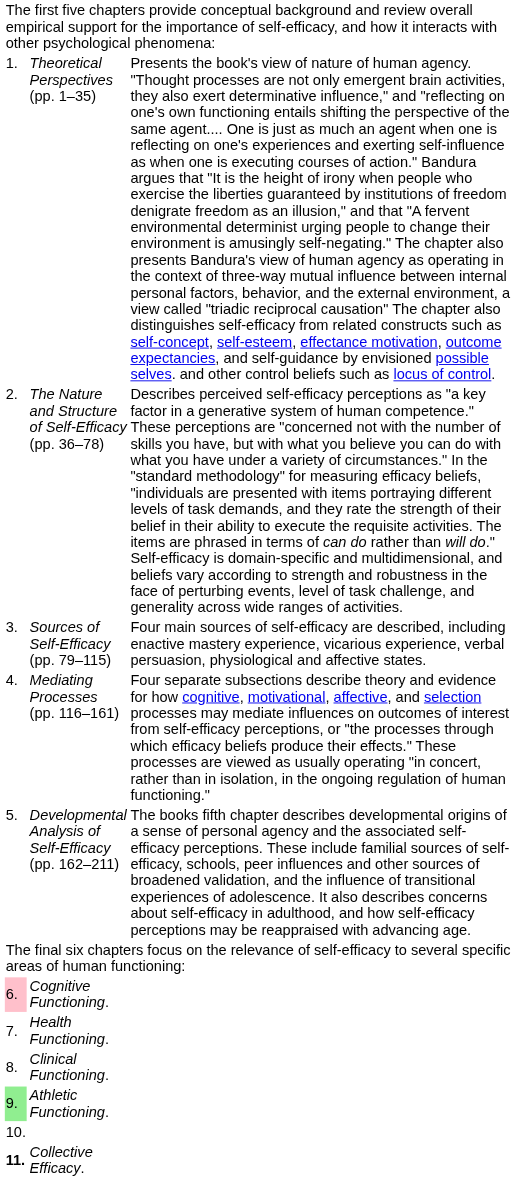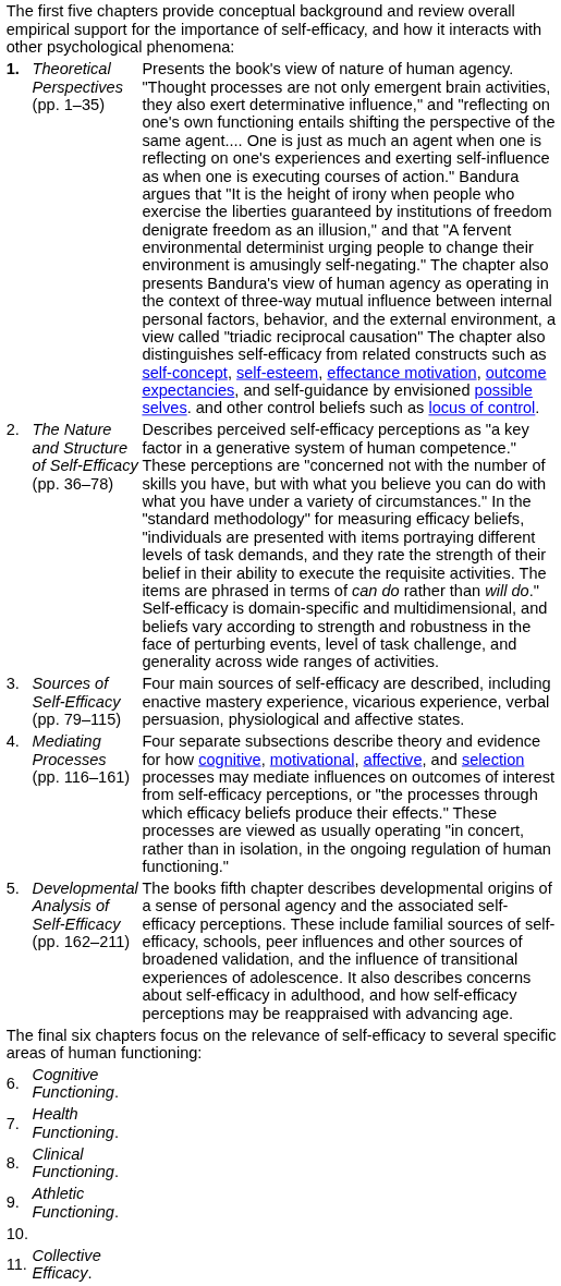 <table cellspacing=2 >
 <tr>
 <td colspan=3>The first five chapters provide conceptual background and review overall empirical support for the importance of self-efficacy, and how it interacts with other psychological phenomena:</td>
 </tr>
 <tr valign="top">
-<td width="15">1.</td>
+<td width="15"><strong>1.</strong></td>
 <td width="60"><em>Theoretical Perspectives</em><br>(pp. 1–35)</td>
 <td width="420">Presents the book's view of nature of human agency. "Thought processes are not only emergent brain activities, they also exert determinative influence," and "reflecting on one's own functioning entails shifting the perspective of the same agent.... One is just as much an agent when one is reflecting on one's experiences and exerting self-influence as when one is executing courses of action." Bandura argues that "It is the height of irony when people who exercise the liberties guaranteed by institutions of freedom denigrate freedom as an illusion," and that "A fervent environmental determinist urging people to change their environment is amusingly self-negating." The chapter also presents Bandura's view of human agency as operating in the context of three-way mutual influence between internal personal factors, behavior, and the external environment, a view called "triadic reciprocal causation" The chapter also distinguishes self-efficacy from related constructs such as <a href='#'>self-concept</a>, <a href='#'>self-esteem</a>, <a href='#'>effectance motivation</a>, <a href='#'>outcome expectancies</a>, and self-guidance by envisioned <a href='#'>possible selves</a>. and other control beliefs such as <a href='#'>locus of control</a>.</td>
 </tr>
 <tr valign="top">
 <td>2.</td>
 <td><em>The Nature and Structure of Self-Efficacy</em><br>(pp. 36–78)</td>
 <td>Describes perceived self-efficacy perceptions as "a key factor in a generative system of human competence." These perceptions are "concerned not with the number of skills you have, but with what you believe you can do with what you have under a variety of circumstances." In the "standard methodology" for measuring efficacy beliefs, "individuals are presented with items portraying different levels of task demands, and they rate the strength of their belief in their ability to execute the requisite activities. The items are phrased in terms of <em>can do</em> rather than <em>will do</em>." Self-efficacy is domain-specific and multidimensional, and beliefs vary according to strength and robustness in the face of perturbing events, level of task challenge, and generality across wide ranges of activities.</td>
 </tr>
 <tr valign="top">
 <td>3.</td>
 <td><em>Sources of Self-Efficacy</em><br>(pp. 79–115)</td>
 <td>Four main sources of self-efficacy are described, including enactive mastery experience, vicarious experience, verbal persuasion, physiological and affective states.</td>
 </tr>
 <tr valign="top">
 <td>4.</td>
 <td><em>Mediating Processes</em><br>(pp. 116–161)</td>
 <td>Four separate subsections describe theory and evidence for how <a href='#'>cognitive</a>, <a href='#'>motivational</a>, <a href='#'>affective</a>, and <a href='#'>selection</a> processes may mediate influences on outcomes of interest from self-efficacy perceptions, or "the processes through which efficacy beliefs produce their effects." These processes are viewed as usually operating "in concert, rather than in isolation, in the ongoing regulation of human functioning."</td>
 </tr>
 <tr valign="top">
 <td>5.</td>
 <td><em>Developmental Analysis of Self-Efficacy</em><br>(pp. 162–211)</td>
 <td>The books fifth chapter describes developmental origins of a sense of personal agency and the associated self-efficacy perceptions. These include familial sources of self-efficacy, schools, peer influences and other sources of broadened validation, and the influence of transitional experiences of adolescence. It also describes concerns about self-efficacy in adulthood, and how self-efficacy perceptions may be reappraised with advancing age.</td>
 </tr>
 <tr>
 <td colspan=3>The final six chapters focus on the relevance of self-efficacy to several specific areas of human functioning:</td>
 </tr>
 <tr>
-<td style="background: pink;">6.</td>
+<td>6.</td>
 <td><em>Cognitive Functioning</em>.</td>
 </tr>
 <tr>
 <td>7.</td>
 <td><em>Health Functioning</em>.</td>
 </tr>
 <tr>
 <td>8.</td>
 <td><em>Clinical Functioning</em>.</td>
 </tr>
 <tr>
-<td style="background: lightgreen;">9.</td>
+<td>9.</td>
 <td><em>Athletic Functioning</em>.</td>
 </tr>
 <tr>
 <td>10.</td>
 <td></td>
 </tr>
 <tr>
-<td><strong>11.</strong></td>
+<td>11.</td>
 <td><em>Collective Efficacy</em>.</td>
 </tr>
 </table>
